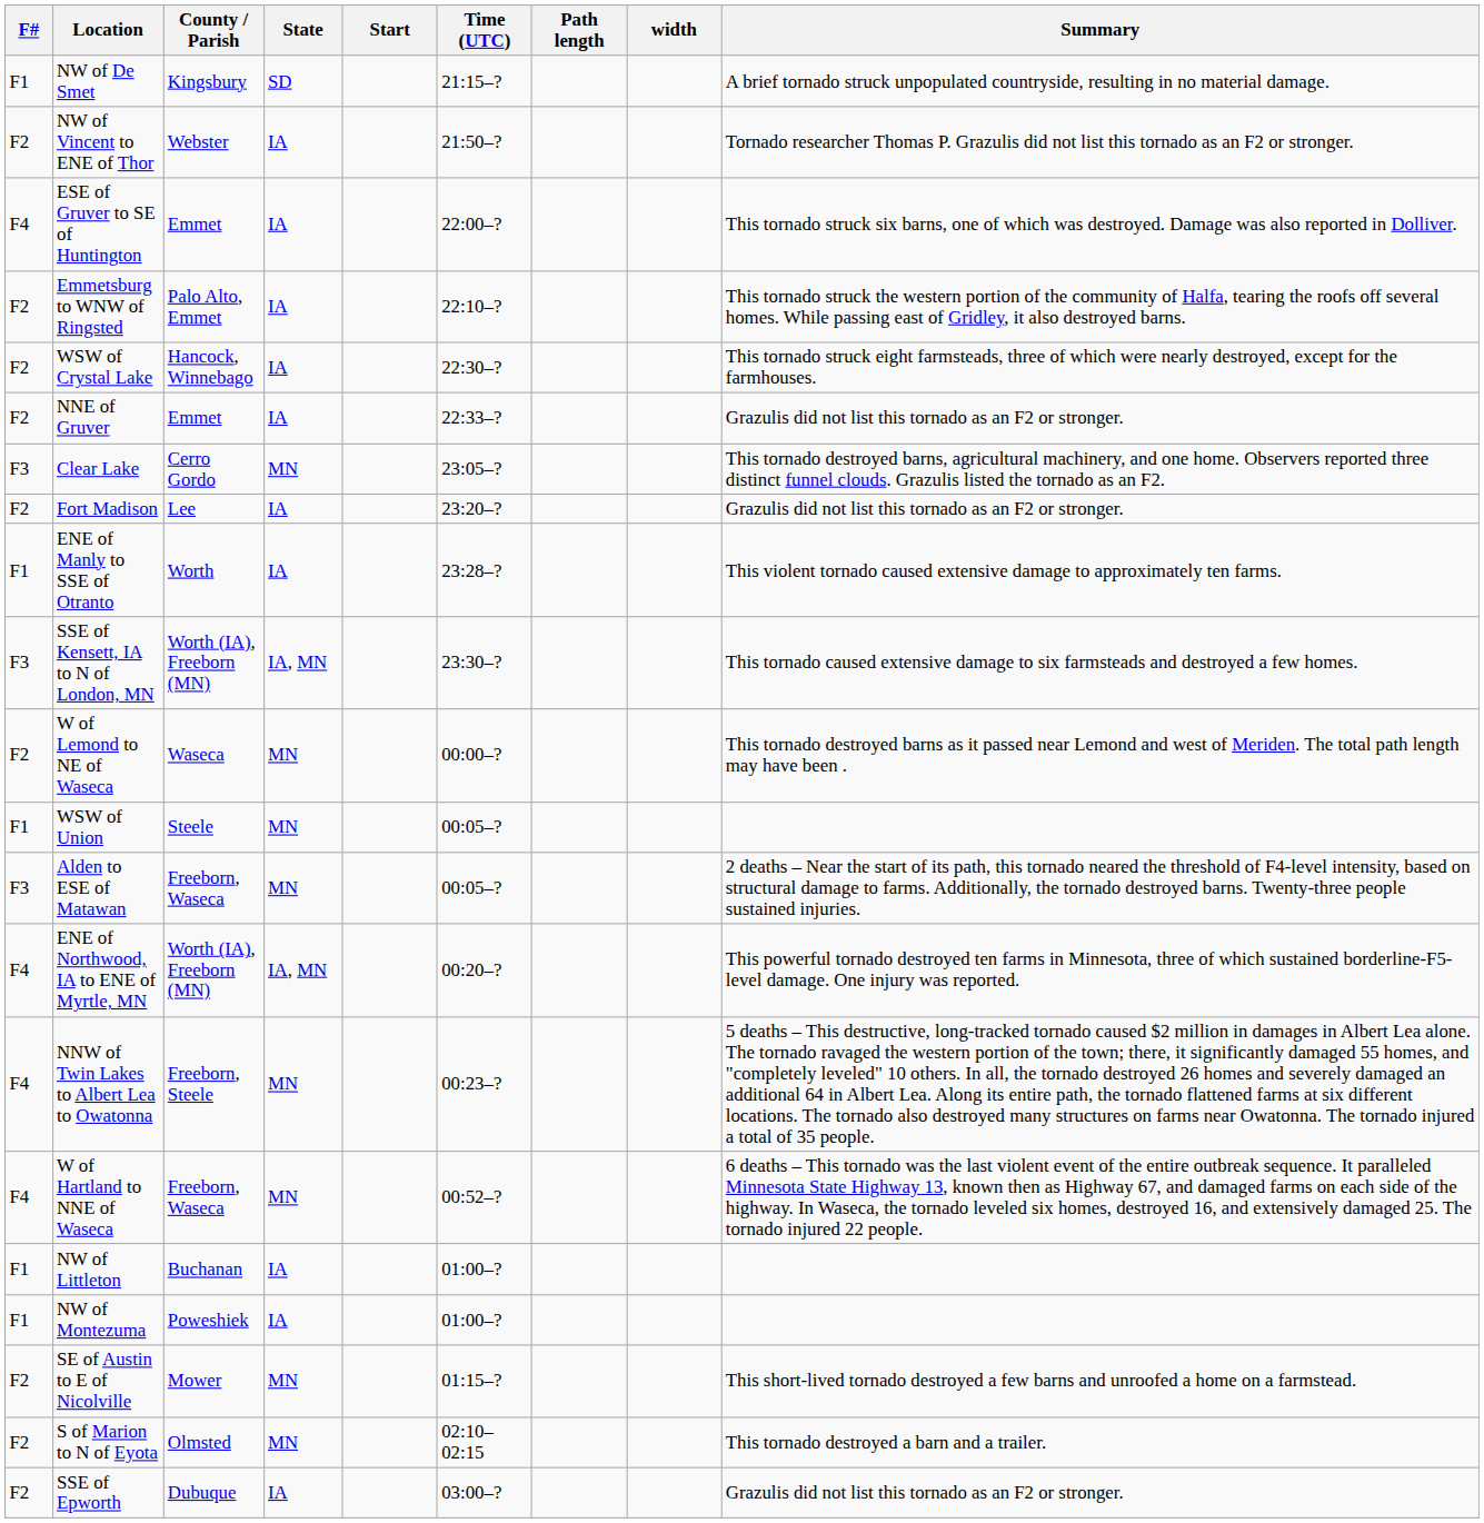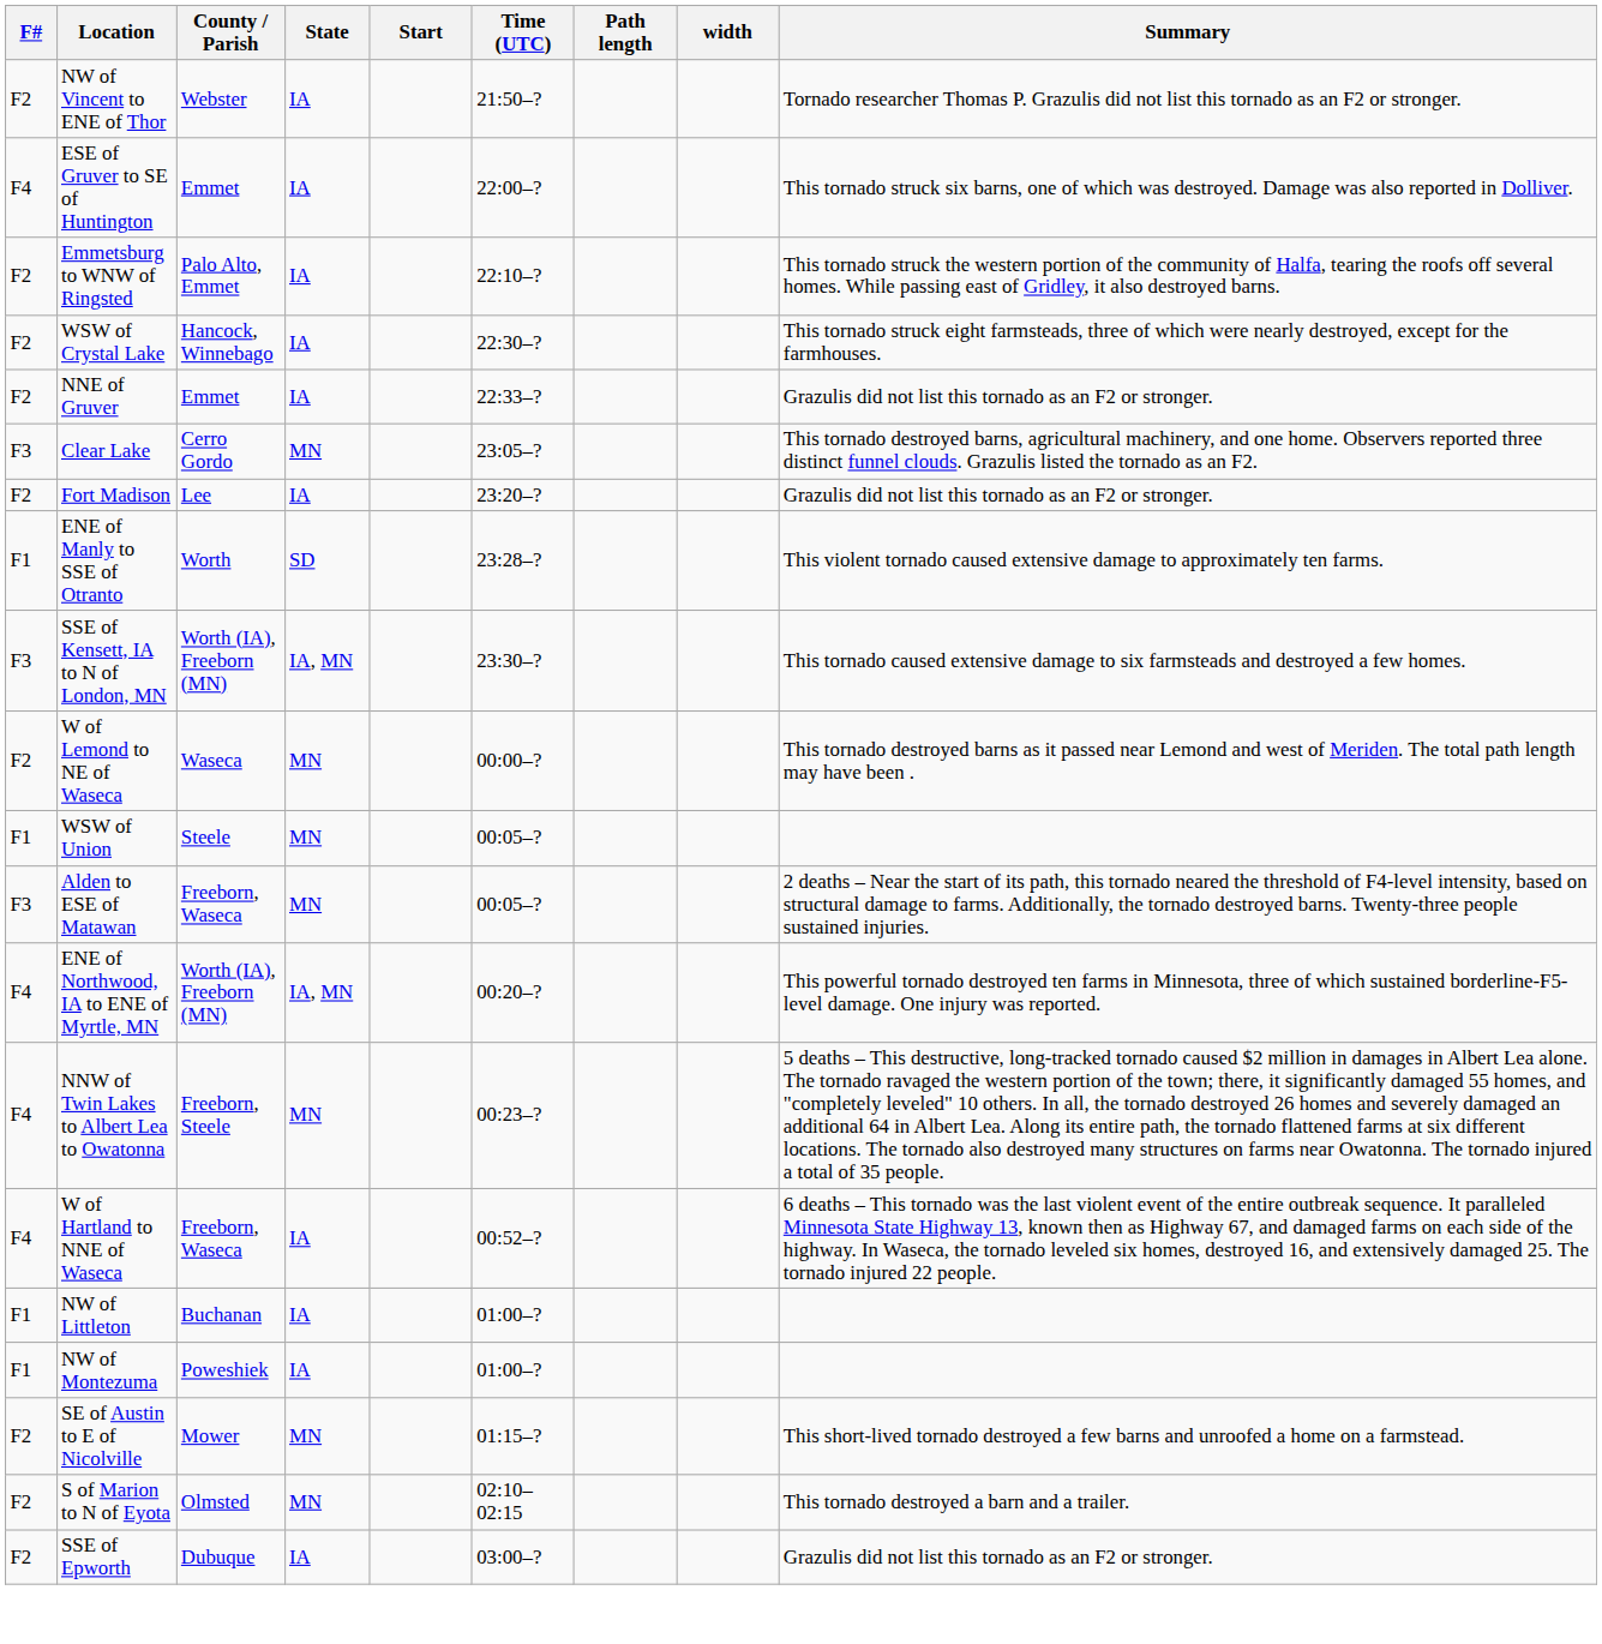 <table class="wikitable sortable" style="width:100%;">
 <tr>
 <th scope="col"  style="width:3%; text-align:center;"><a href='#'>F#</a></th>
 <th scope="col"  style="width:7%; text-align:center;" class="unsortable">Location</th>
 <th scope="col"  style="width:6%; text-align:center;" class="unsortable">County / Parish</th>
 <th scope="col"  style="width:5%; text-align:center;">State</th>
 <th scope="col"  style="width:6%; text-align:center;">Start<br></th>
 <th scope="col"  style="width:6%; text-align:center;">Time (<a href='#'>UTC</a>)</th>
 <th scope="col"  style="width:6%; text-align:center;">Path length</th>
 <th scope="col"  style="width:6%; text-align:center;"> width</th>
 <th scope="col" class="unsortable" style="width:48%; text-align:center;">Summary</th>
-</tr>
-<tr>
-<td>F1</td>
-<td>NW of <a href='#'>De Smet</a></td>
-<td><a href='#'>Kingsbury</a></td>
-<td><a href='#'>SD</a></td>
-<td></td>
-<td>21:15–?</td>
-<td></td>
-<td></td>
-<td>A brief tornado struck unpopulated countryside, resulting in no material damage.</td>
 </tr>
 <tr>
 <td>F2</td>
 <td>NW of <a href='#'>Vincent</a> to ENE of <a href='#'>Thor</a></td>
 <td><a href='#'>Webster</a></td>
 <td><a href='#'>IA</a></td>
 <td></td>
 <td>21:50–?</td>
 <td></td>
 <td></td>
 <td>Tornado researcher Thomas P. Grazulis did not list this tornado as an F2 or stronger.</td>
 </tr>
 <tr>
 <td>F4</td>
 <td>ESE of <a href='#'>Gruver</a> to SE of <a href='#'>Huntington</a></td>
 <td><a href='#'>Emmet</a></td>
 <td><a href='#'>IA</a></td>
 <td></td>
 <td>22:00–?</td>
 <td></td>
 <td></td>
 <td>This tornado struck six barns, one of which was destroyed. Damage was also reported in <a href='#'>Dolliver</a>.</td>
 </tr>
 <tr>
 <td>F2</td>
 <td><a href='#'>Emmetsburg</a> to WNW of <a href='#'>Ringsted</a></td>
 <td><a href='#'>Palo Alto</a>, <a href='#'>Emmet</a></td>
 <td><a href='#'>IA</a></td>
 <td></td>
 <td>22:10–?</td>
 <td></td>
 <td></td>
 <td>This tornado struck the western portion of the community of <a href='#'>Halfa</a>, tearing the roofs off several homes. While passing east of <a href='#'>Gridley</a>, it also destroyed barns.</td>
 </tr>
 <tr>
 <td>F2</td>
 <td>WSW of <a href='#'>Crystal Lake</a></td>
 <td><a href='#'>Hancock</a>, <a href='#'>Winnebago</a></td>
 <td><a href='#'>IA</a></td>
 <td></td>
 <td>22:30–?</td>
 <td></td>
 <td></td>
 <td>This tornado struck eight farmsteads, three of which were nearly destroyed, except for the farmhouses.</td>
 </tr>
 <tr>
 <td>F2</td>
 <td>NNE of <a href='#'>Gruver</a></td>
 <td><a href='#'>Emmet</a></td>
 <td><a href='#'>IA</a></td>
 <td></td>
 <td>22:33–?</td>
 <td></td>
 <td></td>
 <td>Grazulis did not list this tornado as an F2 or stronger.</td>
 </tr>
 <tr>
 <td>F3</td>
 <td><a href='#'>Clear Lake</a></td>
 <td><a href='#'>Cerro Gordo</a></td>
 <td><a href='#'>MN</a></td>
 <td></td>
 <td>23:05–?</td>
 <td></td>
 <td></td>
 <td>This tornado destroyed barns, agricultural machinery, and one home. Observers reported three distinct <a href='#'>funnel clouds</a>. Grazulis listed the tornado as an F2.</td>
 </tr>
 <tr>
 <td>F2</td>
 <td><a href='#'>Fort Madison</a></td>
 <td><a href='#'>Lee</a></td>
 <td><a href='#'>IA</a></td>
 <td></td>
 <td>23:20–?</td>
 <td></td>
 <td></td>
 <td>Grazulis did not list this tornado as an F2 or stronger.</td>
 </tr>
 <tr>
 <td>F1</td>
 <td>ENE of <a href='#'>Manly</a> to SSE of <a href='#'>Otranto</a></td>
 <td><a href='#'>Worth</a></td>
-<td><a href='#'>IA</a></td>
+<td><a href='#'>SD</a></td>
 <td></td>
 <td>23:28–?</td>
 <td></td>
 <td></td>
 <td>This violent tornado caused extensive damage to approximately ten farms.</td>
 </tr>
 <tr>
 <td>F3</td>
 <td>SSE of <a href='#'>Kensett, IA</a> to N of <a href='#'>London, MN</a></td>
 <td><a href='#'>Worth (IA)</a>, <a href='#'>Freeborn (MN)</a></td>
 <td><a href='#'>IA</a>, <a href='#'>MN</a></td>
 <td></td>
 <td>23:30–?</td>
 <td></td>
 <td></td>
 <td>This tornado caused extensive damage to six farmsteads and destroyed a few homes.</td>
 </tr>
 <tr>
 <td>F2</td>
 <td>W of <a href='#'>Lemond</a> to NE of <a href='#'>Waseca</a></td>
 <td><a href='#'>Waseca</a></td>
 <td><a href='#'>MN</a></td>
 <td></td>
 <td>00:00–?</td>
 <td></td>
 <td></td>
 <td>This tornado destroyed barns as it passed near Lemond and west of <a href='#'>Meriden</a>. The total path length may have been .</td>
 </tr>
 <tr>
 <td>F1</td>
 <td>WSW of <a href='#'>Union</a></td>
 <td><a href='#'>Steele</a></td>
 <td><a href='#'>MN</a></td>
 <td></td>
 <td>00:05–?</td>
 <td></td>
 <td></td>
 <td></td>
 </tr>
 <tr>
 <td>F3</td>
 <td><a href='#'>Alden</a> to ESE of <a href='#'>Matawan</a></td>
 <td><a href='#'>Freeborn</a>, <a href='#'>Waseca</a></td>
 <td><a href='#'>MN</a></td>
 <td></td>
 <td>00:05–?</td>
 <td></td>
 <td></td>
 <td>2 deaths – Near the start of its path, this tornado neared the threshold of F4-level intensity, based on structural damage to farms. Additionally, the tornado destroyed barns. Twenty-three people sustained injuries.</td>
 </tr>
 <tr>
 <td>F4</td>
 <td>ENE of <a href='#'>Northwood, IA</a> to ENE of <a href='#'>Myrtle, MN</a></td>
 <td><a href='#'>Worth (IA)</a>, <a href='#'>Freeborn (MN)</a></td>
 <td><a href='#'>IA</a>, <a href='#'>MN</a></td>
 <td></td>
 <td>00:20–?</td>
 <td></td>
 <td></td>
 <td>This powerful tornado destroyed ten farms in Minnesota, three of which sustained borderline-F5-level damage. One injury was reported.</td>
 </tr>
 <tr>
 <td>F4</td>
 <td>NNW of <a href='#'>Twin Lakes</a> to <a href='#'>Albert Lea</a> to <a href='#'>Owatonna</a></td>
 <td><a href='#'>Freeborn</a>, <a href='#'>Steele</a></td>
 <td><a href='#'>MN</a></td>
 <td></td>
 <td>00:23–?</td>
 <td></td>
 <td></td>
 <td>5 deaths – This destructive, long-tracked tornado caused $2 million in damages in Albert Lea alone. The tornado ravaged the western portion of the town; there, it significantly damaged 55 homes, and "completely leveled" 10 others. In all, the tornado destroyed 26 homes and severely damaged an additional 64 in Albert Lea. Along its entire path, the tornado flattened farms at six different locations. The tornado also destroyed many structures on farms near Owatonna. The tornado injured a total of 35 people.</td>
 </tr>
 <tr>
 <td>F4</td>
 <td>W of <a href='#'>Hartland</a> to NNE of <a href='#'>Waseca</a></td>
 <td><a href='#'>Freeborn</a>, <a href='#'>Waseca</a></td>
-<td><a href='#'>MN</a></td>
+<td><a href='#'>IA</a></td>
 <td></td>
 <td>00:52–?</td>
 <td></td>
 <td></td>
 <td>6 deaths – This tornado was the last violent event of the entire outbreak sequence. It paralleled <a href='#'>Minnesota State Highway 13</a>, known then as Highway 67, and damaged farms on each side of the highway. In Waseca, the tornado leveled six homes, destroyed 16, and extensively damaged 25. The tornado injured 22 people.</td>
 </tr>
 <tr>
 <td>F1</td>
 <td>NW of <a href='#'>Littleton</a></td>
 <td><a href='#'>Buchanan</a></td>
 <td><a href='#'>IA</a></td>
 <td></td>
 <td>01:00–?</td>
 <td></td>
 <td></td>
 <td></td>
 </tr>
 <tr>
 <td>F1</td>
 <td>NW of <a href='#'>Montezuma</a></td>
 <td><a href='#'>Poweshiek</a></td>
 <td><a href='#'>IA</a></td>
 <td></td>
 <td>01:00–?</td>
 <td></td>
 <td></td>
 <td></td>
 </tr>
 <tr>
 <td>F2</td>
 <td>SE of <a href='#'>Austin</a> to E of <a href='#'>Nicolville</a></td>
 <td><a href='#'>Mower</a></td>
 <td><a href='#'>MN</a></td>
 <td></td>
 <td>01:15–?</td>
 <td></td>
 <td></td>
 <td>This short-lived tornado destroyed a few barns and unroofed a home on a farmstead.</td>
 </tr>
 <tr>
 <td>F2</td>
 <td>S of <a href='#'>Marion</a> to N of <a href='#'>Eyota</a></td>
 <td><a href='#'>Olmsted</a></td>
 <td><a href='#'>MN</a></td>
 <td></td>
 <td>02:10–02:15</td>
 <td></td>
 <td></td>
 <td>This tornado destroyed a barn and a trailer.</td>
 </tr>
 <tr>
 <td>F2</td>
 <td>SSE of <a href='#'>Epworth</a></td>
 <td><a href='#'>Dubuque</a></td>
 <td><a href='#'>IA</a></td>
 <td></td>
 <td>03:00–?</td>
 <td></td>
 <td></td>
 <td>Grazulis did not list this tornado as an F2 or stronger.</td>
 </tr>
 </table>
